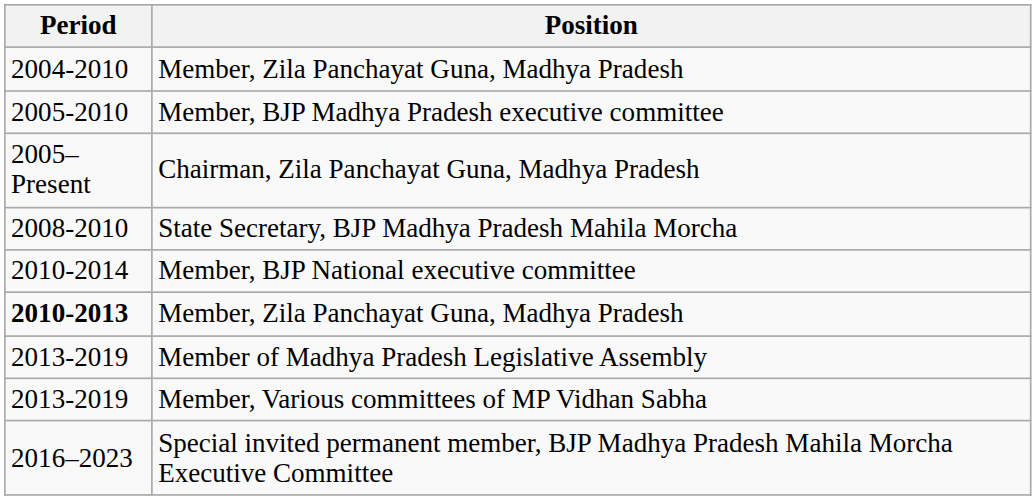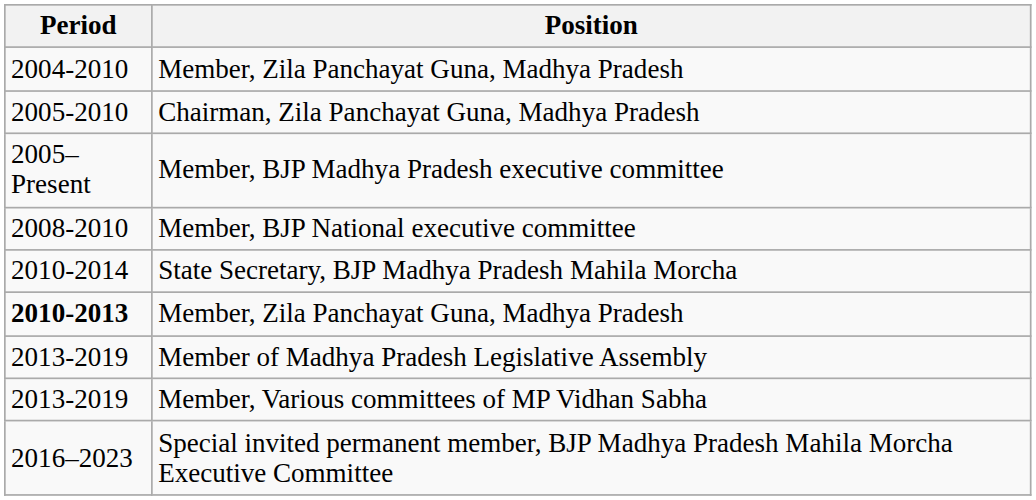 <table class="wikitable">
 <tr>
 <th>Period</th>
 <th>Position</th>
 </tr>
 <tr>
 <td>2004-2010</td>
 <td>Member, Zila Panchayat Guna, Madhya Pradesh</td>
 </tr>
 <tr>
 <td>2005-2010</td>
+<td>Chairman, Zila Panchayat Guna, Madhya Pradesh</td>
+</tr>
+<tr>
+<td>2005–Present</td>
 <td>Member, BJP Madhya Pradesh executive committee</td>
 </tr>
 <tr>
-<td>2005–Present</td>
-<td>Chairman, Zila Panchayat Guna, Madhya Pradesh</td>
-</tr>
-<tr>
 <td>2008-2010</td>
-<td>State Secretary, BJP Madhya Pradesh Mahila Morcha</td>
+<td>Member, BJP National executive committee</td>
 </tr>
 <tr>
 <td>2010-2014</td>
-<td>Member, BJP National executive committee</td>
+<td>State Secretary, BJP Madhya Pradesh Mahila Morcha</td>
 </tr>
 <tr>
 <td><strong>2010-2013</strong></td>
 <td>Member, Zila Panchayat Guna, Madhya Pradesh</td>
 </tr>
 <tr>
 <td>2013-2019</td>
 <td>Member of Madhya Pradesh Legislative Assembly</td>
 </tr>
 <tr>
 <td>2013-2019</td>
 <td>Member, Various committees of MP Vidhan Sabha</td>
 </tr>
 <tr>
 <td>2016–2023</td>
 <td>Special invited permanent member, BJP Madhya Pradesh Mahila Morcha Executive Committee</td>
 </tr>
 </table>
